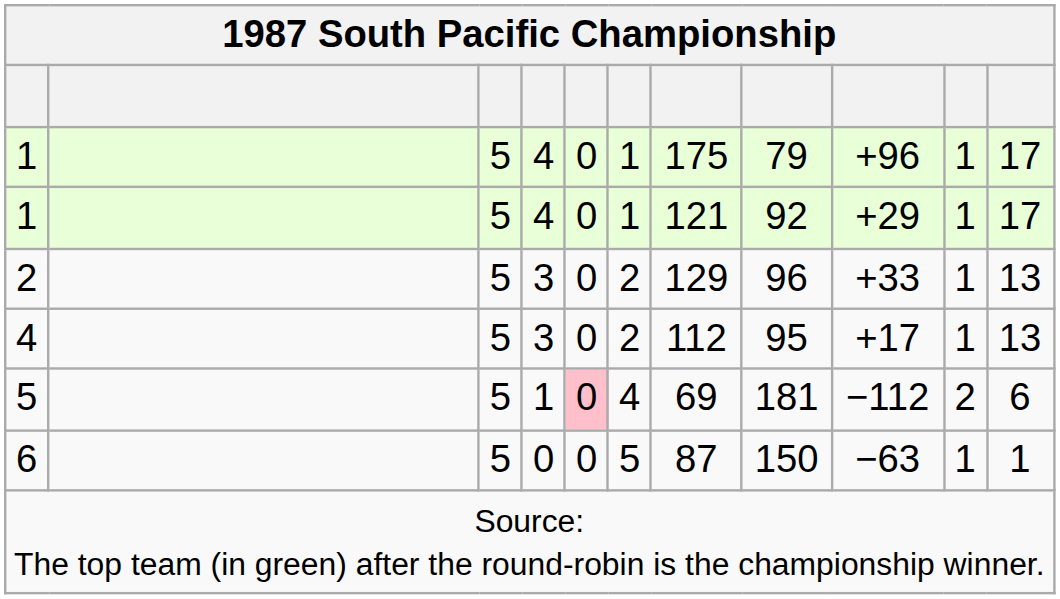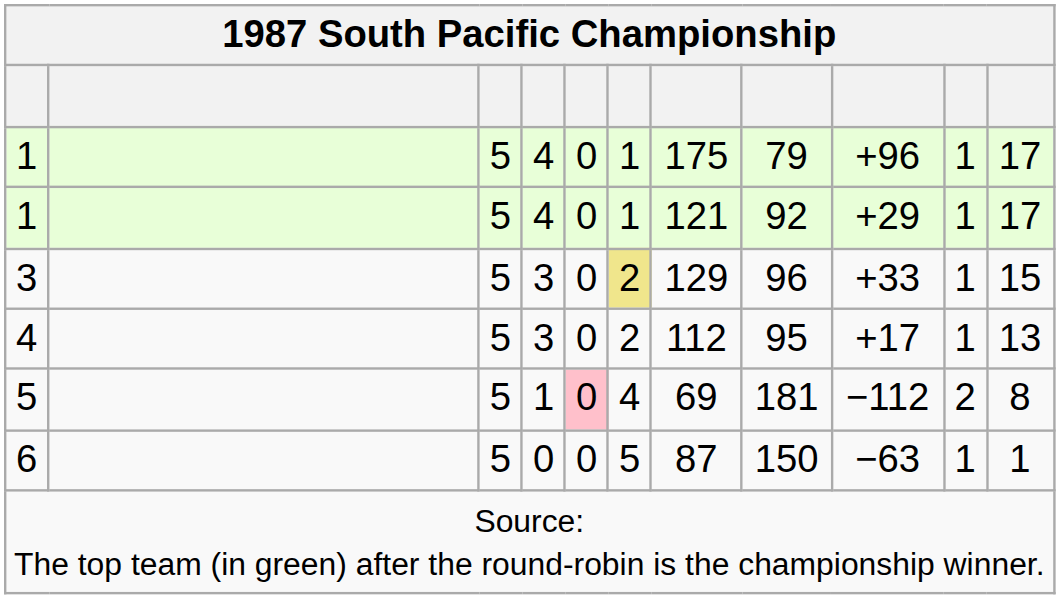 <table class="wikitable" style="text-align:center;">
 <tr>
 <th colspan="100%">1987 South Pacific Championship</th>
 </tr>
 <tr>
 <th style="padding-right:1px;"></th>
 <th style="width:10.8em;"></th>
 <th></th>
 <th></th>
 <th></th>
 <th></th>
 <th></th>
 <th></th>
 <th></th>
 <th></th>
 <th><br></th>
 </tr>
 <tr style="background:#e8ffd8;">
 <td>1</td>
 <td style=text-align:left></td>
 <td>5</td>
 <td>4</td>
 <td>0</td>
 <td>1</td>
 <td>175</td>
 <td>79</td>
 <td>+96</td>
 <td>1</td>
 <td>17</td>
 </tr>
 <tr style="background:#e8ffd8;">
 <td>1</td>
 <td style=text-align:left></td>
 <td>5</td>
 <td>4</td>
 <td>0</td>
 <td>1</td>
 <td>121</td>
 <td>92</td>
 <td>+29</td>
 <td>1</td>
 <td>17</td>
 </tr>
 <tr>
-<td>2</td>
+<td>3</td>
 <td style=text-align:left></td>
 <td>5</td>
 <td>3</td>
 <td>0</td>
-<td>2</td>
+<td style="background: khaki;">2</td>
 <td>129</td>
 <td>96</td>
 <td>+33</td>
 <td>1</td>
-<td>13</td>
+<td>15</td>
 </tr>
 <tr>
 <td>4</td>
 <td style=text-align:left></td>
 <td>5</td>
 <td>3</td>
 <td>0</td>
 <td>2</td>
 <td>112</td>
 <td>95</td>
 <td>+17</td>
 <td>1</td>
 <td>13</td>
 </tr>
 <tr>
 <td>5</td>
 <td style=text-align:left></td>
 <td>5</td>
 <td>1</td>
 <td style="background: pink;">0</td>
 <td>4</td>
 <td>69</td>
 <td>181</td>
 <td>−112</td>
 <td>2</td>
-<td>6</td>
+<td>8</td>
 </tr>
 <tr>
 <td>6</td>
 <td style=text-align:left></td>
 <td>5</td>
 <td>0</td>
 <td>0</td>
 <td>5</td>
 <td>87</td>
 <td>150</td>
 <td>−63</td>
 <td>1</td>
 <td>1</td>
 </tr>
 <tr>
 <td colspan="100%" style="border:0;"><small>Source: <br>The top team <span>(in green)</span> after the round-robin is the championship winner.</small></td>
 </tr>
 </table>
